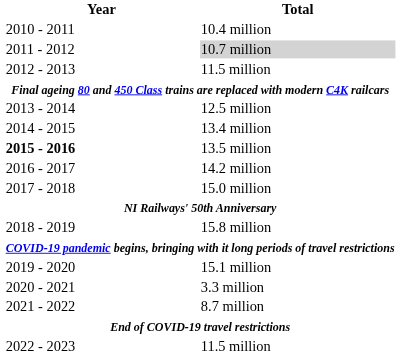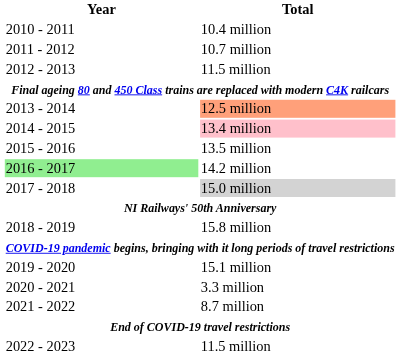 <table>
 <tr>
 <th>Year</th>
 <th>Total</th>
 </tr>
 <tr>
 <td>2010 - 2011</td>
 <td> 10.4 million</td>
 </tr>
 <tr>
 <td>2011 - 2012</td>
-<td style="background: lightgrey;"> 10.7 million</td>
+<td> 10.7 million</td>
 </tr>
 <tr>
 <td>2012 - 2013</td>
 <td> 11.5 million</td>
 </tr>
 <tr>
 <th colspan="2"><em><small>Final ageing <a href='#'>80</a> and <a href='#'>450 Class</a> trains are replaced with modern <a href='#'>C4K</a> railcars</small></em></th>
 </tr>
 <tr>
 <td>2013 - 2014</td>
-<td> 12.5 million</td>
+<td style="background: lightsalmon;"> 12.5 million</td>
 </tr>
 <tr>
 <td>2014 - 2015</td>
-<td> 13.4 million</td>
+<td style="background: pink;"> 13.4 million</td>
 </tr>
 <tr>
-<td><strong>2015 - 2016</strong></td>
+<td>2015 - 2016</td>
 <td> 13.5 million</td>
 </tr>
 <tr>
-<td>2016 - 2017</td>
+<td style="background: lightgreen;">2016 - 2017</td>
 <td> 14.2 million</td>
 </tr>
 <tr>
 <td>2017 - 2018</td>
-<td> 15.0 million</td>
+<td style="background: lightgrey;"> 15.0 million</td>
 </tr>
 <tr>
 <th colspan="2"><em><small>NI Railways' 50th Anniversary</small></em></th>
 </tr>
 <tr>
 <td>2018 - 2019</td>
 <td> 15.8 million</td>
 </tr>
 <tr>
 <th colspan="2"><em><small><a href='#'>COVID-19 pandemic</a> begins, bringing with it long periods of travel restrictions</small></em></th>
 </tr>
 <tr>
 <td>2019 - 2020</td>
 <td> 15.1 million</td>
 </tr>
 <tr>
 <td>2020 - 2021</td>
 <td> 3.3 million</td>
 </tr>
 <tr>
 <td>2021 - 2022</td>
 <td> 8.7 million</td>
 </tr>
 <tr>
 <th colspan="2"><em><small>End of COVID-19 travel restrictions</small></em></th>
 </tr>
 <tr>
 <td>2022 - 2023</td>
 <td> 11.5 million</td>
 </tr>
 </table>
